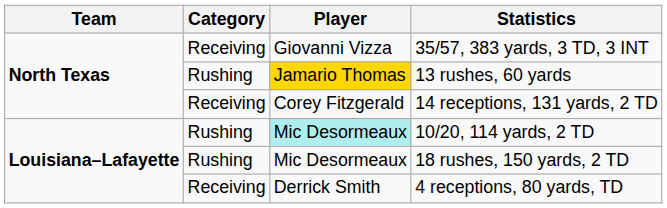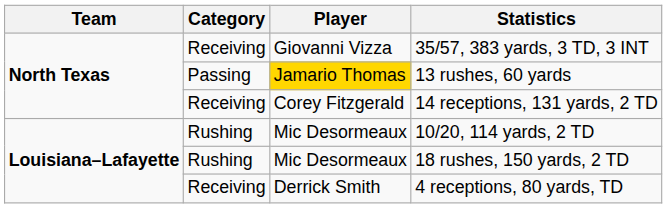 <table class="wikitable" style="float: left;">
 <tr>
 <th>Team</th>
 <th>Category</th>
 <th>Player</th>
 <th>Statistics</th>
 </tr>
 <tr>
 <td rowspan=3><strong>North Texas</strong></td>
 <td>Receiving</td>
 <td>Giovanni Vizza</td>
 <td>35/57, 383 yards, 3 TD, 3 INT</td>
 </tr>
 <tr>
-<td>Rushing</td>
+<td>Passing</td>
 <td style="background: gold;">Jamario Thomas</td>
 <td>13 rushes, 60 yards</td>
 </tr>
 <tr>
 <td>Receiving</td>
 <td>Corey Fitzgerald</td>
 <td>14 receptions, 131 yards, 2 TD</td>
 </tr>
 <tr>
 <td rowspan=3><strong>Louisiana–Lafayette</strong></td>
 <td>Rushing</td>
-<td style="background: paleturquoise;">Mic Desormeaux</td>
+<td>Mic Desormeaux</td>
 <td>10/20, 114 yards, 2 TD</td>
 </tr>
 <tr>
 <td>Rushing</td>
 <td>Mic Desormeaux</td>
 <td>18 rushes, 150 yards, 2 TD</td>
 </tr>
 <tr>
 <td>Receiving</td>
 <td>Derrick Smith</td>
 <td>4 receptions, 80 yards, TD</td>
 </tr>
 </table>
